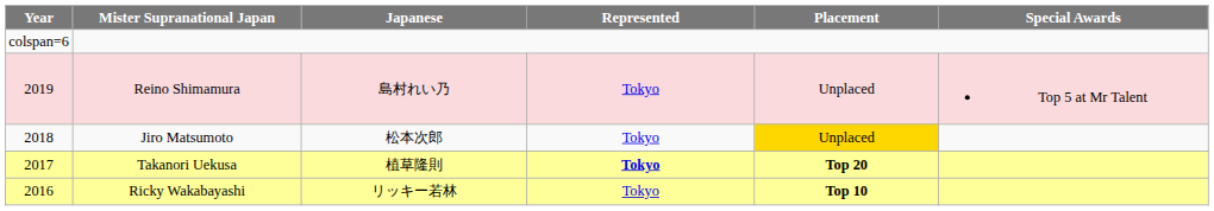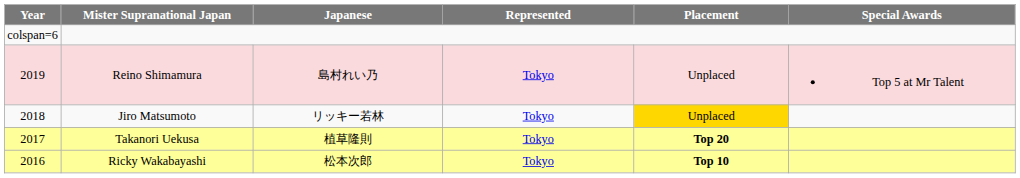 <table class="wikitable sortable" style="font-size: 95%; text-align:center">
 <tr>
 <th width="60" style="background-color:#787878;color:#FFFFFF;">Year</th>
 <th width="250" style="background-color:#787878;color:#FFFFFF;">Mister Supranational Japan</th>
 <th width="250" style="background-color:#787878;color:#FFFFFF;">Japanese</th>
 <th width="250" style="background-color:#787878;color:#FFFFFF;">Represented</th>
 <th width="200" style="background-color:#787878;color:#FFFFFF;">Placement</th>
 <th width="300" style="background-color:#787878;color:#FFFFFF;">Special Awards</th>
 </tr>
 <tr>
 <td>colspan=6 </td>
 </tr>
 <tr style="background-color:#FADADD">
 <td>2019</td>
 <td>Reino Shimamura</td>
 <td>島村れい乃</td>
 <td><a href='#'>Tokyo</a></td>
 <td>Unplaced</td>
 <td><br><ul><li>Top 5 at Mr Talent</li></ul></td>
 </tr>
 <tr>
 <td>2018</td>
 <td>Jiro Matsumoto</td>
-<td>松本次郎</td>
+<td>リッキー若林</td>
 <td><a href='#'>Tokyo</a></td>
 <td style="background: gold;">Unplaced</td>
 <td></td>
 </tr>
 <tr style="background:#FFFF99;">
 <td>2017</td>
 <td>Takanori Uekusa</td>
 <td>植草隆則</td>
-<td><strong><a href='#'>Tokyo</a></strong></td>
+<td><a href='#'>Tokyo</a></td>
 <td><strong>Top 20</strong></td>
 <td></td>
 </tr>
 <tr style="background:#FFFF99;">
 <td>2016</td>
 <td>Ricky Wakabayashi</td>
-<td>リッキー若林</td>
+<td>松本次郎</td>
 <td><a href='#'>Tokyo</a></td>
 <td><strong>Top 10</strong></td>
 <td></td>
 </tr>
 </table>
